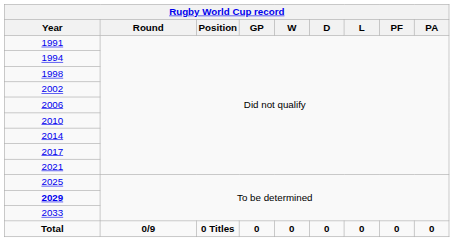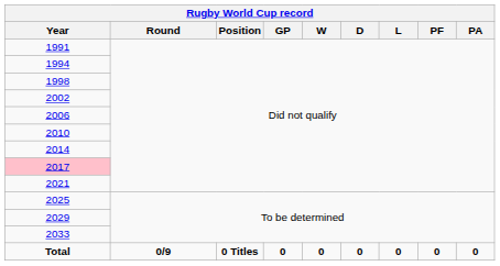 <table class="wikitable" style="text-align: center;">
 <tr>
 <th colspan=9><a href='#'>Rugby World Cup record</a></th>
 </tr>
 <tr>
 <th width=150>Year</th>
 <th width=150>Round</th>
 <th width=50>Position</th>
 <th width=50>GP</th>
 <th width=50>W</th>
 <th width=50>D</th>
 <th width=50>L</th>
 <th width=50>PF</th>
 <th width=50>PA</th>
 </tr>
 <tr>
 <td> <a href='#'>1991</a></td>
 <td colspan=12  rowspan=9>Did not qualify</td>
 </tr>
 <tr>
 <td> <a href='#'>1994</a></td>
 </tr>
 <tr>
 <td> <a href='#'>1998</a></td>
 </tr>
 <tr>
 <td> <a href='#'>2002</a></td>
 </tr>
 <tr>
 <td> <a href='#'>2006</a></td>
 </tr>
 <tr>
 <td> <a href='#'>2010</a></td>
 </tr>
 <tr>
 <td> <a href='#'>2014</a></td>
 </tr>
 <tr>
-<td> <a href='#'>2017</a></td>
+<td style="background: pink;"> <a href='#'>2017</a></td>
 </tr>
 <tr>
 <td> <a href='#'>2021</a></td>
 </tr>
 <tr>
 <td> <a href='#'>2025</a></td>
 <td colspan=9 rowspan=3>To be determined</td>
 </tr>
 <tr>
-<td><strong> <a href='#'>2029</a></strong></td>
+<td> <a href='#'>2029</a></td>
 </tr>
 <tr>
 <td> <a href='#'>2033</a></td>
 </tr>
 <tr>
 <td><strong>Total</strong></td>
 <td><strong>0/9</strong></td>
 <td><strong>0 Titles</strong></td>
 <td><strong>0</strong></td>
 <td><strong>0</strong></td>
 <td><strong>0</strong></td>
 <td><strong>0</strong></td>
 <td><strong>0</strong></td>
 <td><strong>0</strong></td>
 </tr>
 </table>
